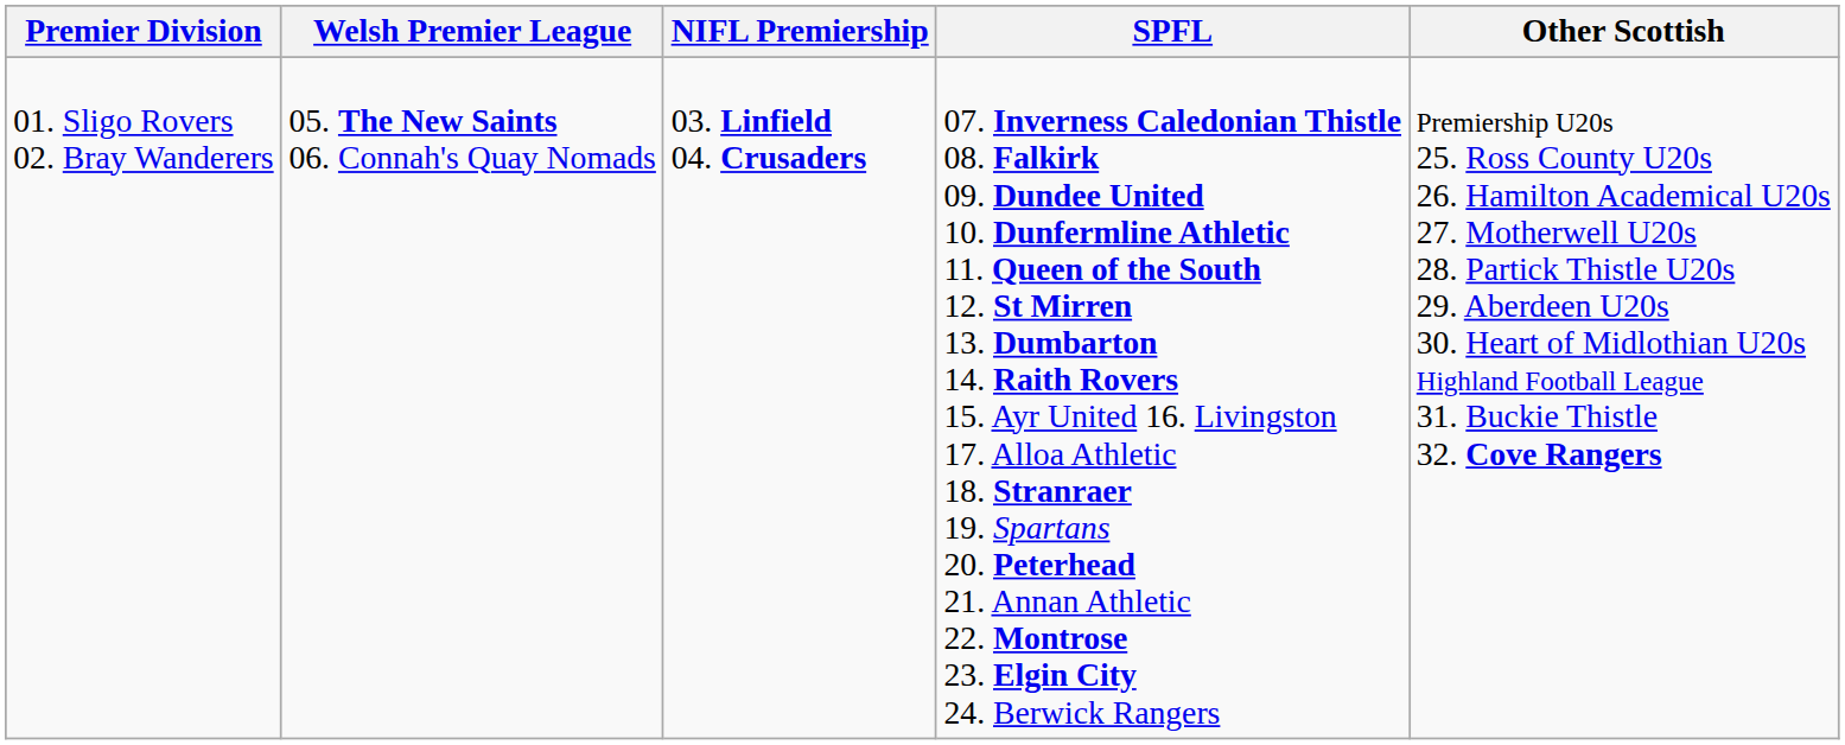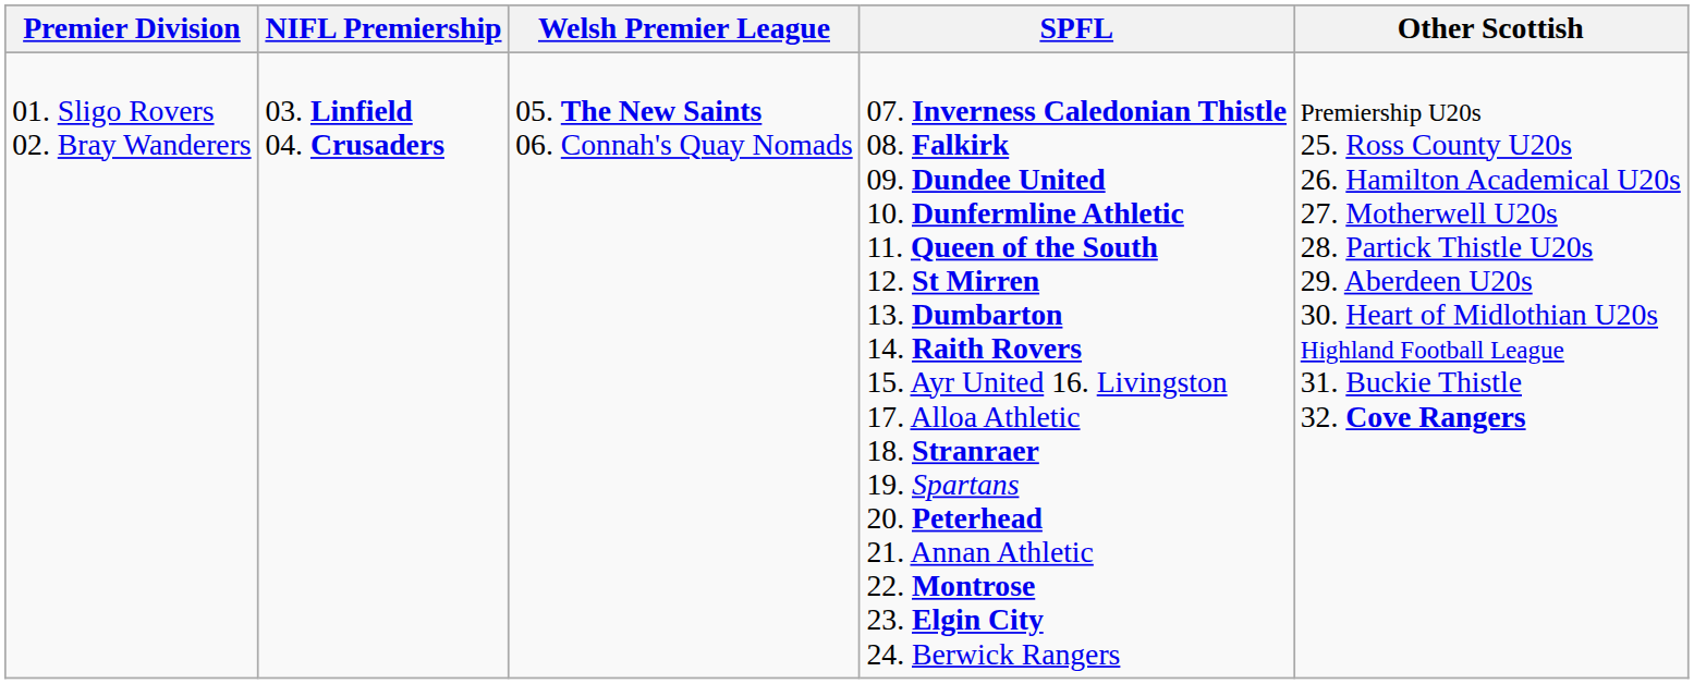 <table class="wikitable">
 <tr>
 <th> <a href='#'>Premier Division</a></th>
+<th> <a href='#'>NIFL Premiership</a></th>
 <th> <a href='#'>Welsh Premier League</a></th>
-<th> <a href='#'>NIFL Premiership</a></th>
 <th> <a href='#'>SPFL</a></th>
 <th>Other Scottish</th>
 </tr>
 <tr>
 <td valign=top><br>01. <a href='#'>Sligo Rovers</a><br> 02. <a href='#'>Bray Wanderers</a></td>
+<td valign=top><br>03. <strong><a href='#'>Linfield</a></strong><br> 04. <strong><a href='#'>Crusaders</a></strong></td>
 <td valign=top><br>05. <strong><a href='#'>The New Saints</a></strong><br> 06. <a href='#'>Connah's Quay Nomads</a></td>
-<td valign=top><br>03. <strong><a href='#'>Linfield</a></strong><br> 04. <strong><a href='#'>Crusaders</a></strong></td>
 <td valign=top><br>  07. <strong><a href='#'>Inverness Caledonian Thistle</a></strong><br> 08. <strong><a href='#'>Falkirk</a></strong><br> 09. <strong><a href='#'>Dundee United</a></strong><br> 10. <strong><a href='#'>Dunfermline Athletic</a></strong><br> 11. <strong><a href='#'>Queen of the South</a></strong><br> 12. <strong><a href='#'>St Mirren</a></strong><br> 13. <strong><a href='#'>Dumbarton</a></strong><br> 14. <strong><a href='#'>Raith Rovers</a></strong><br> 15. <a href='#'>Ayr United</a>  16. <a href='#'>Livingston</a><br> 17. <a href='#'>Alloa Athletic</a><br> 18. <strong><a href='#'>Stranraer</a></strong><br> 19. <em><a href='#'>Spartans</a></em><br> 20. <strong><a href='#'>Peterhead</a></strong><br> 21. <a href='#'>Annan Athletic</a><br> 22. <strong><a href='#'>Montrose</a></strong><br> 23. <strong><a href='#'>Elgin City</a></strong><br> 24. <a href='#'>Berwick Rangers</a> </td>
 <td valign=top><br><small>Premiership U20s</small><br> 25. <a href='#'>Ross County U20s</a><br> 26. <a href='#'>Hamilton Academical U20s</a><br> 27. <a href='#'>Motherwell U20s</a><br> 28. <a href='#'>Partick Thistle U20s</a><br> 29. <a href='#'>Aberdeen U20s</a><br> 30. <a href='#'>Heart of Midlothian U20s</a><br> <small><a href='#'>Highland Football League</a></small><br> 31. <a href='#'>Buckie Thistle</a><br> 32. <strong><a href='#'>Cove Rangers</a></strong></td>
 </tr>
 </table>
